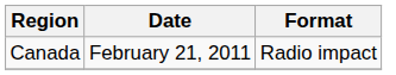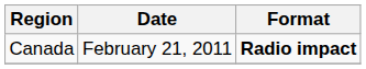 <table class="wikitable">
 <tr>
 <th>Region</th>
 <th>Date</th>
 <th>Format</th>
 </tr>
 <tr>
 <td>Canada</td>
 <td>February 21, 2011</td>
-<td rowspan=1>Radio impact</td>
+<td rowspan=1><strong>Radio impact</strong></td>
 </tr>
 <tr>
 </tr>
 </table>
